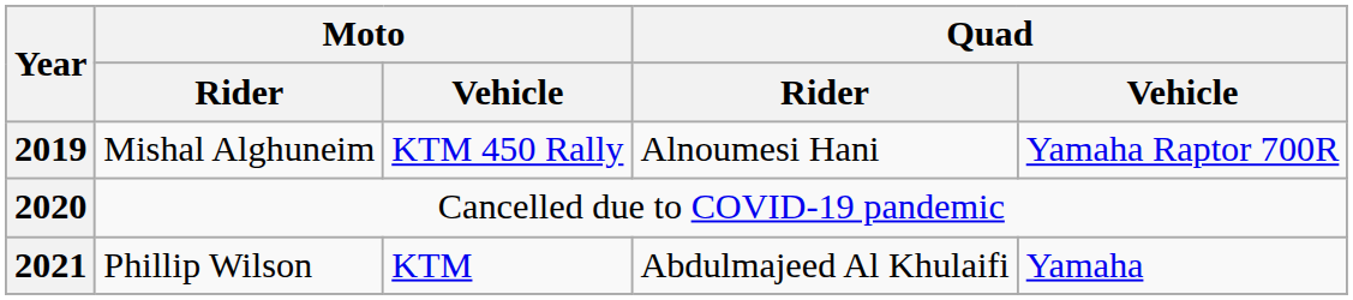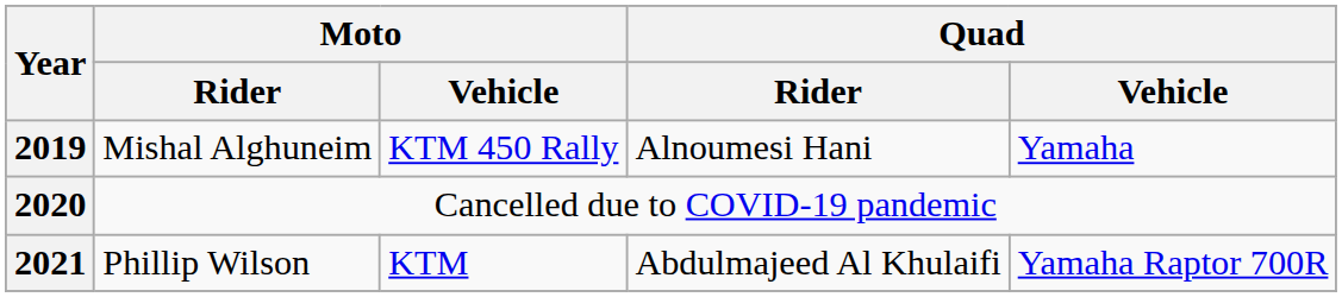 <table class="wikitable">
 <tr>
 <th rowspan="2">Year</th>
 <th colspan="2">Moto</th>
 <th colspan="2">Quad</th>
 </tr>
 <tr>
 <th>Rider</th>
 <th>Vehicle</th>
 <th>Rider</th>
 <th>Vehicle</th>
 </tr>
 <tr>
 <th>2019</th>
 <td> Mishal Alghuneim</td>
 <td><a href='#'>KTM 450 Rally</a></td>
 <td> Alnoumesi Hani</td>
-<td><a href='#'>Yamaha Raptor 700R</a></td>
+<td><a href='#'>Yamaha</a></td>
 </tr>
 <tr>
 <th>2020</th>
 <td colspan="4" align=center>Cancelled due to <a href='#'>COVID-19 pandemic</a></td>
 </tr>
 <tr>
 <th>2021</th>
 <td> Phillip Wilson</td>
 <td><a href='#'>KTM</a></td>
 <td> Abdulmajeed Al Khulaifi</td>
-<td><a href='#'>Yamaha</a></td>
+<td><a href='#'>Yamaha Raptor 700R</a></td>
 </tr>
 </table>
